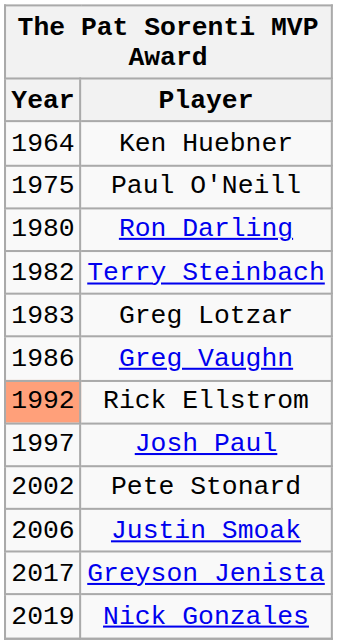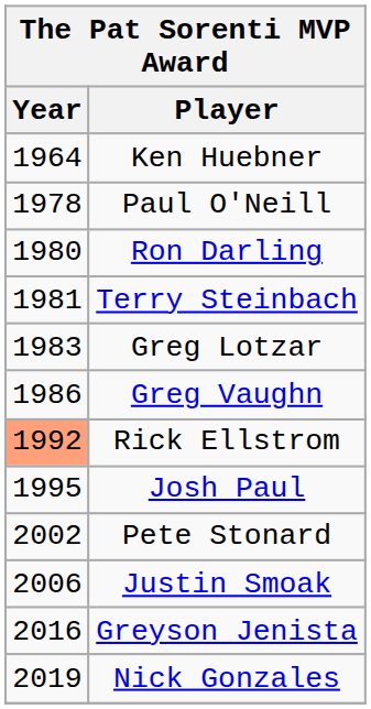 <table class="wikitable" style="display: inline-table; margin-right: 20px; text-align:center">
 <tr>
 <th scope="col" colspan="2" style="width: 145px;">The Pat Sorenti MVP Award</th>
 </tr>
 <tr>
 <th scope="col">Year</th>
 <th scope="col">Player</th>
 </tr>
 <tr>
 <td>1964</td>
 <td>Ken Huebner</td>
 </tr>
 <tr>
-<td>1975</td>
+<td>1978</td>
 <td>Paul O'Neill</td>
 </tr>
 <tr>
 <td>1980</td>
 <td><a href='#'>Ron Darling</a></td>
 </tr>
 <tr>
-<td>1982</td>
+<td>1981</td>
 <td><a href='#'>Terry Steinbach</a></td>
 </tr>
 <tr>
 <td>1983</td>
 <td>Greg Lotzar</td>
 </tr>
 <tr>
 <td>1986</td>
 <td><a href='#'>Greg Vaughn</a></td>
 </tr>
 <tr>
 <td style="background: lightsalmon;">1992</td>
 <td>Rick Ellstrom</td>
 </tr>
 <tr>
-<td>1997</td>
+<td>1995</td>
 <td><a href='#'>Josh Paul</a></td>
 </tr>
 <tr>
 <td>2002</td>
 <td>Pete Stonard</td>
 </tr>
 <tr>
 <td>2006</td>
 <td><a href='#'>Justin Smoak</a></td>
 </tr>
 <tr>
-<td>2017</td>
+<td>2016</td>
 <td><a href='#'>Greyson Jenista</a></td>
 </tr>
 <tr>
 <td>2019</td>
 <td><a href='#'>Nick Gonzales</a></td>
 </tr>
 <tr>
 </tr>
 </table>
